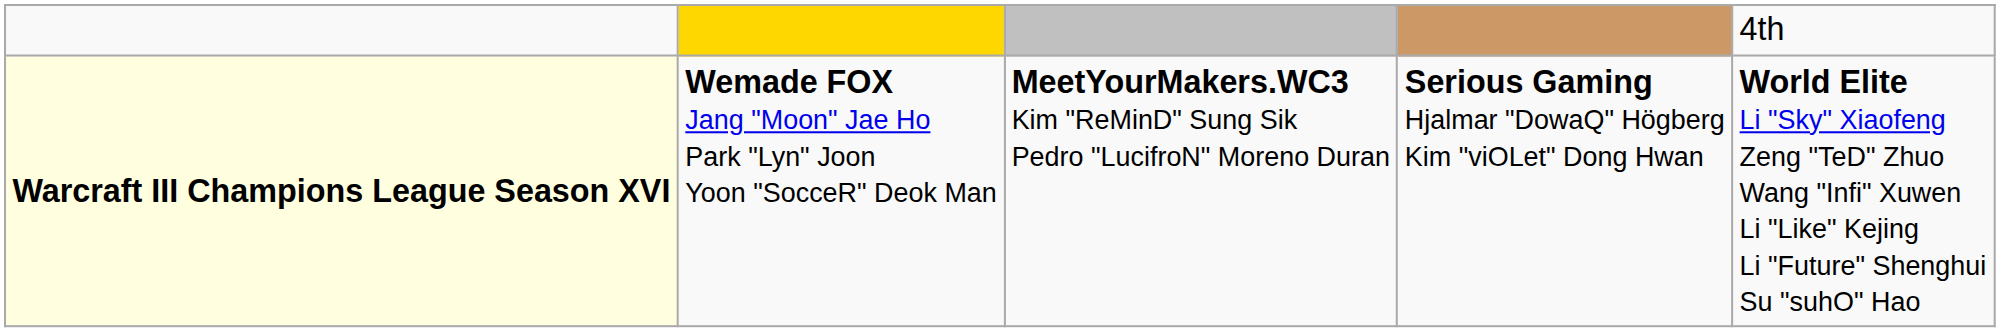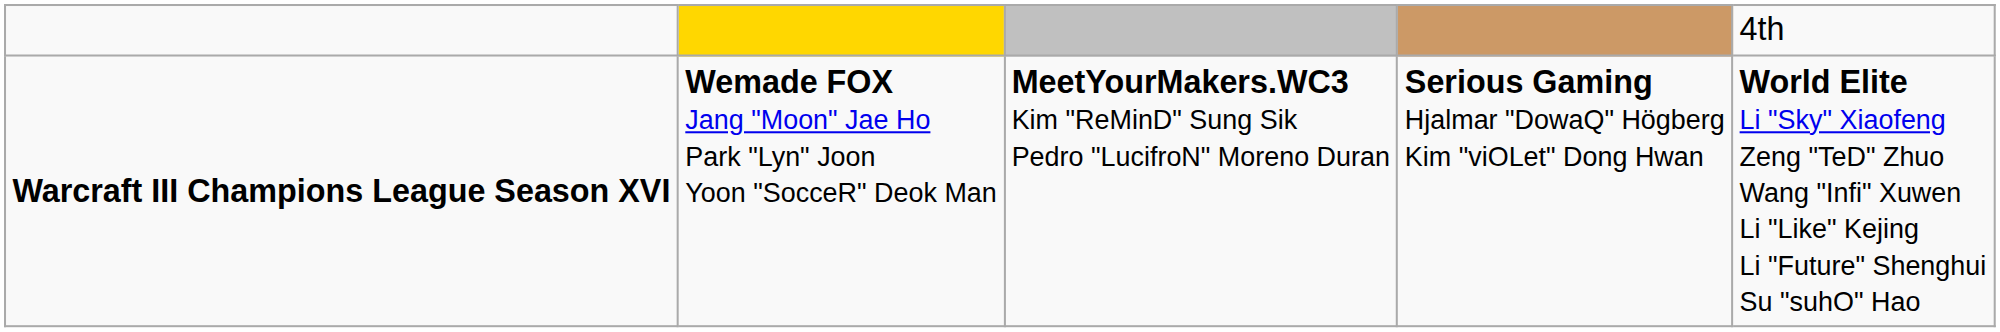 <table class="wikitable" style="text-align:left">
 <tr>
 <td style="text-align:center"></td>
 <td style="text-align:center; background:gold;"></td>
 <td style="text-align:center; background:silver;"></td>
 <td style="text-align:center; background:#c96;"></td>
 <td>4th</td>
 </tr>
 <tr>
-<td style="background: lightyellow; text-align:center"><strong>Warcraft III Champions League Season XVI</strong></td>
+<td style="text-align:center"><strong>Warcraft III Champions League Season XVI</strong></td>
 <td style="vertical-align:top"> <strong>Wemade FOX</strong><br><small> <a href='#'>Jang "Moon" Jae Ho</a><br> Park "Lyn" Joon<br> Yoon "SocceR" Deok Man<br></small></td>
 <td style="vertical-align:top"> <strong>MeetYourMakers.WC3</strong><br><small> Kim "ReMinD" Sung Sik <br> Pedro "LucifroN" Moreno Duran<br></small></td>
 <td style="vertical-align:top"> <strong>Serious Gaming</strong><br><small> Hjalmar "DowaQ" Högberg <br> Kim "viOLet" Dong Hwan<br></small></td>
 <td style="vertical-align:top"> <strong>World Elite</strong><br><small> <a href='#'>Li "Sky" Xiaofeng</a><br> Zeng "TeD" Zhuo <br> Wang "Infi" Xuwen<br> Li "Like" Kejing<br> Li "Future" Shenghui<br> Su "suhO" Hao<br></small></td>
 </tr>
 </table>
